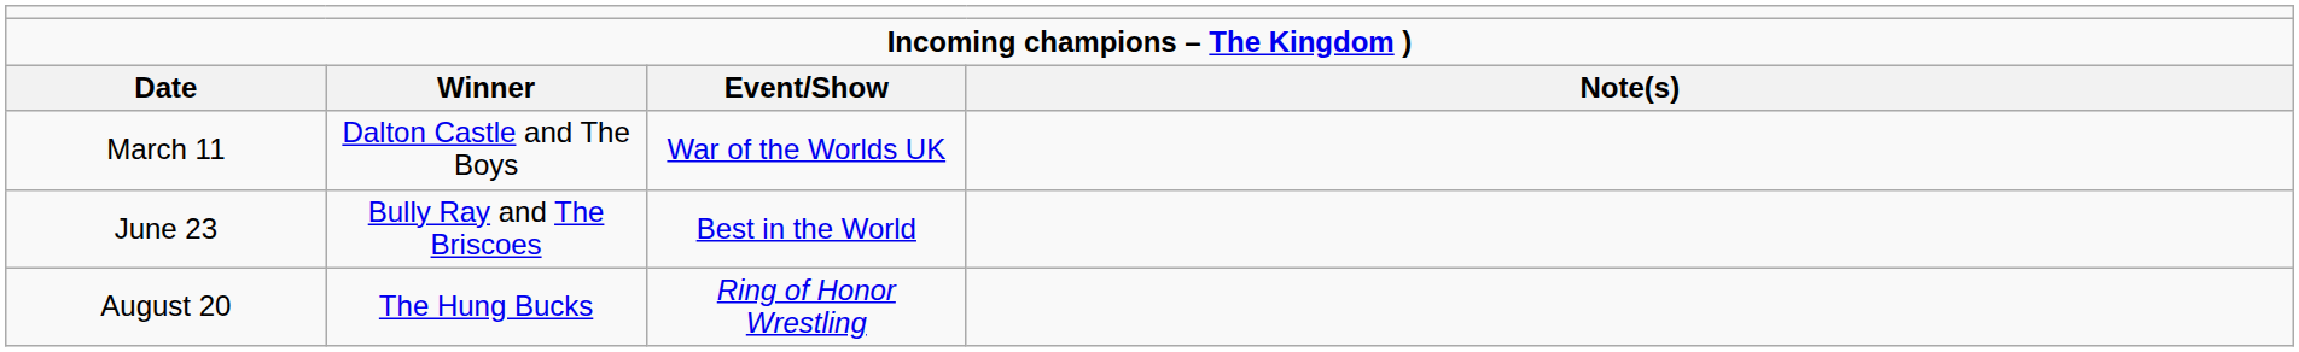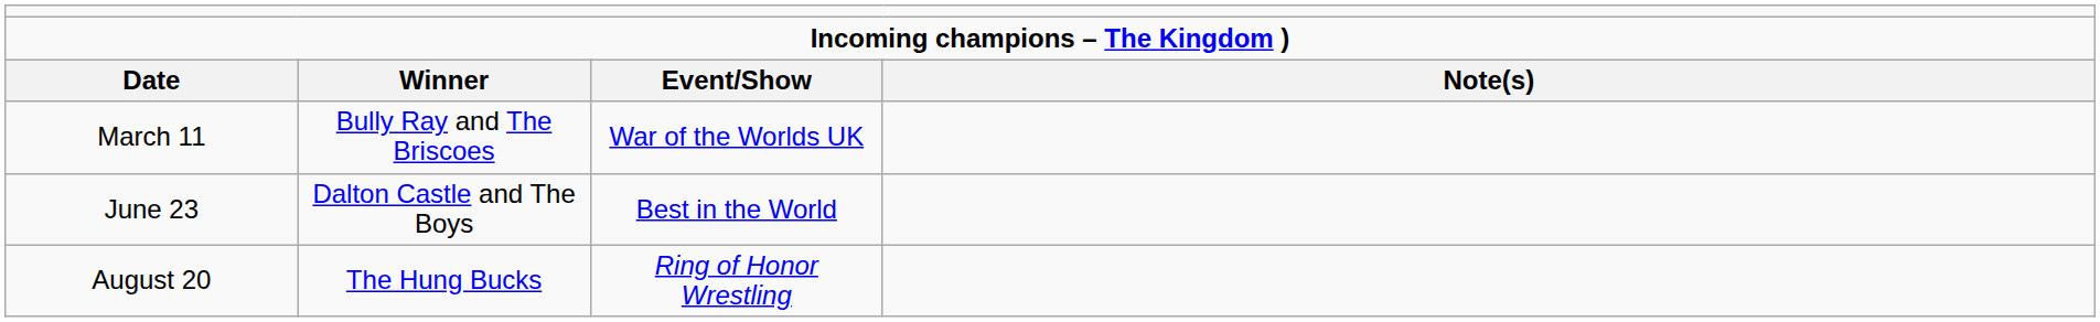 <table class="wikitable" style="text-align:center; width:100%;">
 <tr>
 <td colspan="5"></td>
 </tr>
 <tr>
 <td colspan="5"><strong>Incoming champions – <a href='#'>The Kingdom</a> )</strong></td>
 </tr>
 <tr>
 <th width=14%>Date</th>
 <th width=14%>Winner</th>
 <th width=14%>Event/Show</th>
 <th width=58%>Note(s)</th>
 </tr>
 <tr>
 <td>March 11</td>
-<td><a href='#'>Dalton Castle</a> and The Boys<br></td>
+<td><a href='#'>Bully Ray</a> and <a href='#'>The Briscoes</a><br></td>
 <td><a href='#'>War of the Worlds UK</a></td>
 <td align="left"></td>
 </tr>
 <tr>
 <td>June 23</td>
-<td><a href='#'>Bully Ray</a> and <a href='#'>The Briscoes</a><br></td>
+<td><a href='#'>Dalton Castle</a> and The Boys<br></td>
 <td><a href='#'>Best in the World</a></td>
 <td align="left"></td>
 </tr>
 <tr>
 <td>August 20</td>
 <td><a href='#'>The Hung Bucks</a><br></td>
 <td><em><a href='#'>Ring of Honor Wrestling</a></em></td>
 <td align="left"></td>
 </tr>
 </table>
